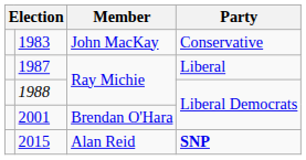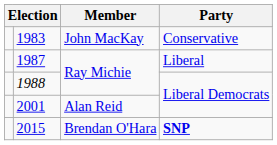 <table class="wikitable">
 <tr>
 <th colspan="2">Election</th>
 <th>Member</th>
 <th>Party</th>
 </tr>
 <tr>
 <td style="color:inherit;background-color: "></td>
 <td><a href='#'>1983</a></td>
 <td><a href='#'>John MacKay</a></td>
 <td><a href='#'>Conservative</a></td>
 </tr>
 <tr>
 <td style="color:inherit;background-color: "></td>
 <td><a href='#'>1987</a></td>
 <td rowspan="2"><a href='#'>Ray Michie</a></td>
 <td><a href='#'>Liberal</a></td>
 </tr>
 <tr>
 <td style="color:inherit;background-color: "></td>
 <td><em>1988</em></td>
 <td rowspan="2"><a href='#'>Liberal Democrats</a></td>
 </tr>
 <tr>
 <td style="color:inherit;background-color: "></td>
 <td><a href='#'>2001</a></td>
-<td><a href='#'>Brendan O'Hara</a></td>
+<td><a href='#'>Alan Reid</a></td>
 </tr>
 <tr>
 <td style="color:inherit;background-color: "></td>
 <td><a href='#'>2015</a></td>
-<td><a href='#'>Alan Reid</a></td>
+<td><a href='#'>Brendan O'Hara</a></td>
 <td><strong><a href='#'>SNP</a></strong></td>
 </tr>
 </table>
